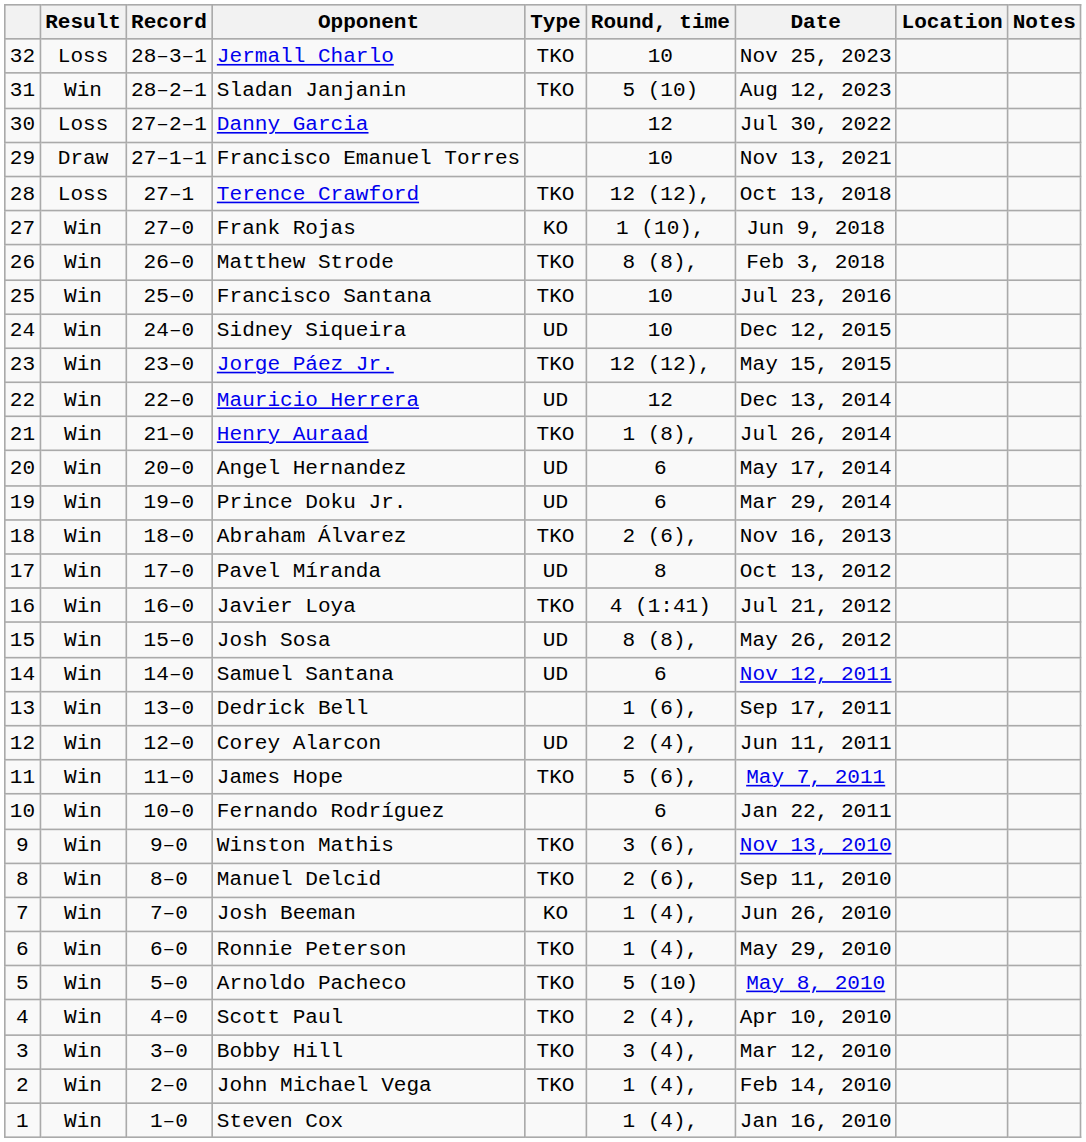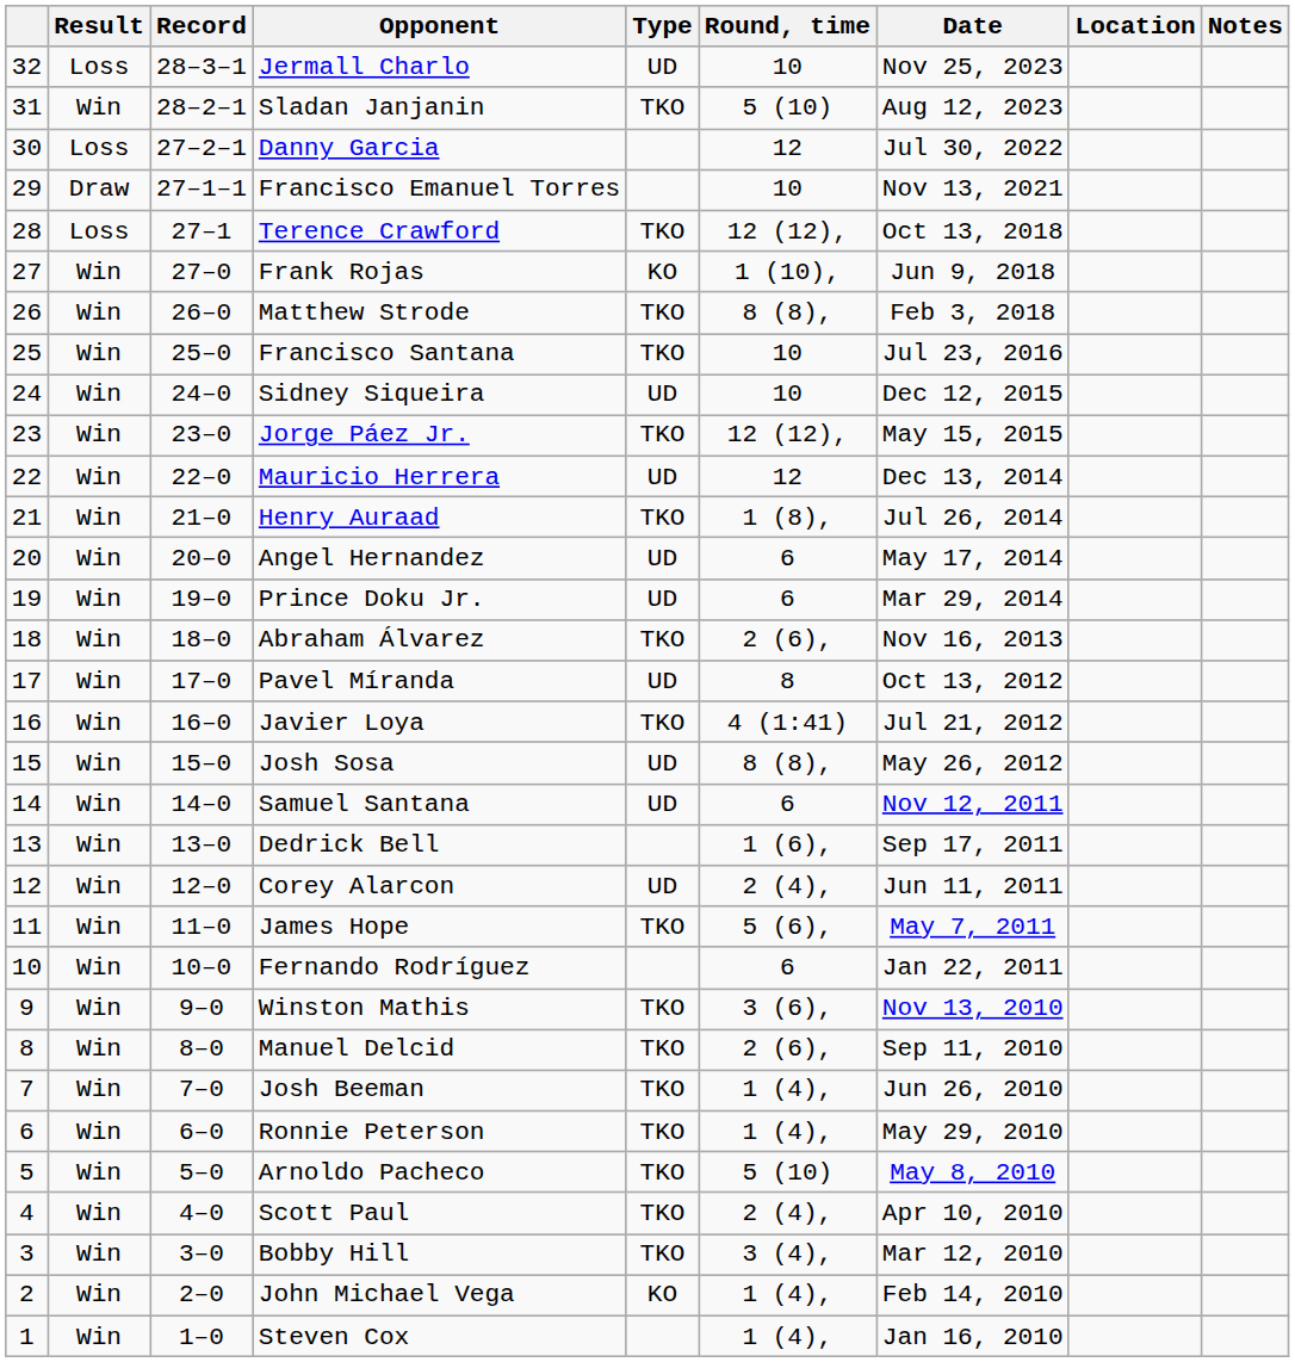 <table class="wikitable" style="text-align:center">
 <tr>
 <th></th>
 <th>Result</th>
 <th>Record</th>
 <th>Opponent</th>
 <th>Type</th>
 <th>Round, time</th>
 <th>Date</th>
 <th>Location</th>
 <th>Notes</th>
 </tr>
 <tr>
 <td>32</td>
 <td>Loss</td>
 <td>28–3–1</td>
 <td align=left><a href='#'>Jermall Charlo</a></td>
-<td>TKO</td>
+<td>UD</td>
 <td>10</td>
 <td>Nov 25, 2023</td>
 <td align=left></td>
 <td align=left></td>
 </tr>
 <tr>
 <td>31</td>
 <td>Win</td>
 <td>28–2–1</td>
 <td align=left>Sladan Janjanin</td>
 <td>TKO</td>
 <td>5 (10)</td>
 <td>Aug 12, 2023</td>
 <td align=left></td>
 <td align=left></td>
 </tr>
 <tr>
 <td>30</td>
 <td>Loss</td>
 <td>27–2–1</td>
 <td align=left><a href='#'>Danny Garcia</a></td>
 <td></td>
 <td>12</td>
 <td>Jul 30, 2022</td>
 <td align=left></td>
 <td align=left></td>
 </tr>
 <tr>
 <td>29</td>
 <td>Draw</td>
 <td>27–1–1</td>
 <td align=left>Francisco Emanuel Torres</td>
 <td></td>
 <td>10</td>
 <td>Nov 13, 2021</td>
 <td align=left></td>
 <td align=left></td>
 </tr>
 <tr>
 <td>28</td>
 <td>Loss</td>
 <td>27–1</td>
 <td align=left><a href='#'>Terence Crawford</a></td>
 <td>TKO</td>
 <td>12 (12), </td>
 <td>Oct 13, 2018</td>
 <td align=left></td>
 <td align=left></td>
 </tr>
 <tr>
 <td>27</td>
 <td>Win</td>
 <td>27–0</td>
 <td align=left>Frank Rojas</td>
 <td>KO</td>
 <td>1 (10), </td>
 <td>Jun 9, 2018</td>
 <td align=left></td>
 <td align=left></td>
 </tr>
 <tr>
 <td>26</td>
 <td>Win</td>
 <td>26–0</td>
 <td align=left>Matthew Strode</td>
 <td>TKO</td>
 <td>8 (8), </td>
 <td>Feb 3, 2018</td>
 <td align=left></td>
 <td align=left></td>
 </tr>
 <tr>
 <td>25</td>
 <td>Win</td>
 <td>25–0</td>
 <td align=left>Francisco Santana</td>
 <td>TKO</td>
 <td>10</td>
 <td>Jul 23, 2016</td>
 <td align=left></td>
 <td align=left></td>
 </tr>
 <tr>
 <td>24</td>
 <td>Win</td>
 <td>24–0</td>
 <td align=left>Sidney Siqueira</td>
 <td>UD</td>
 <td>10</td>
 <td>Dec 12, 2015</td>
 <td align=left></td>
 <td align=left></td>
 </tr>
 <tr>
 <td>23</td>
 <td>Win</td>
 <td>23–0</td>
 <td align=left><a href='#'>Jorge Páez Jr.</a></td>
 <td>TKO</td>
 <td>12 (12), </td>
 <td>May 15, 2015</td>
 <td align=left></td>
 <td align=left></td>
 </tr>
 <tr>
 <td>22</td>
 <td>Win</td>
 <td>22–0</td>
 <td align=left><a href='#'>Mauricio Herrera</a></td>
 <td>UD</td>
 <td>12</td>
 <td>Dec 13, 2014</td>
 <td align=left></td>
 <td align=left></td>
 </tr>
 <tr>
 <td>21</td>
 <td>Win</td>
 <td>21–0</td>
 <td align=left><a href='#'>Henry Auraad</a></td>
 <td>TKO</td>
 <td>1 (8), </td>
 <td>Jul 26, 2014</td>
 <td align=left></td>
 <td align=left></td>
 </tr>
 <tr>
 <td>20</td>
 <td>Win</td>
 <td>20–0</td>
 <td align=left>Angel Hernandez</td>
 <td>UD</td>
 <td>6</td>
 <td>May 17, 2014</td>
 <td align=left></td>
 <td align=left></td>
 </tr>
 <tr>
 <td>19</td>
 <td>Win</td>
 <td>19–0</td>
 <td align=left>Prince Doku Jr.</td>
 <td>UD</td>
 <td>6</td>
 <td>Mar 29, 2014</td>
 <td align=left></td>
 <td align=left></td>
 </tr>
 <tr>
 <td>18</td>
 <td>Win</td>
 <td>18–0</td>
 <td align=left>Abraham Álvarez</td>
 <td>TKO</td>
 <td>2 (6), </td>
 <td>Nov 16, 2013</td>
 <td align=left></td>
 <td align=left></td>
 </tr>
 <tr>
 <td>17</td>
 <td>Win</td>
 <td>17–0</td>
 <td align=left>Pavel Míranda</td>
 <td>UD</td>
 <td>8</td>
 <td>Oct 13, 2012</td>
 <td align=left></td>
 <td align=left></td>
 </tr>
 <tr>
 <td>16</td>
 <td>Win</td>
 <td>16–0</td>
 <td align=left>Javier Loya</td>
 <td>TKO</td>
 <td>4 (1:41)</td>
 <td>Jul 21, 2012</td>
 <td align=left></td>
 <td align=left></td>
 </tr>
 <tr>
 <td>15</td>
 <td>Win</td>
 <td>15–0</td>
 <td align=left>Josh Sosa</td>
 <td>UD</td>
 <td>8 (8), </td>
 <td>May 26, 2012</td>
 <td align=left></td>
 <td align=left></td>
 </tr>
 <tr>
 <td>14</td>
 <td>Win</td>
 <td>14–0</td>
 <td align=left>Samuel Santana</td>
 <td>UD</td>
 <td>6</td>
 <td><a href='#'>Nov 12, 2011</a></td>
 <td align=left></td>
 <td align=left></td>
 </tr>
 <tr>
 <td>13</td>
 <td>Win</td>
 <td>13–0</td>
 <td align=left>Dedrick Bell</td>
 <td></td>
 <td>1 (6), </td>
 <td>Sep 17, 2011</td>
 <td align=left></td>
 <td align=left></td>
 </tr>
 <tr>
 <td>12</td>
 <td>Win</td>
 <td>12–0</td>
 <td align=left>Corey Alarcon</td>
 <td>UD</td>
 <td>2 (4), </td>
 <td>Jun 11, 2011</td>
 <td align=left></td>
 <td align=left></td>
 </tr>
 <tr>
 <td>11</td>
 <td>Win</td>
 <td>11–0</td>
 <td align=left>James Hope</td>
 <td>TKO</td>
 <td>5 (6), </td>
 <td><a href='#'>May 7, 2011</a></td>
 <td align=left></td>
 <td align=left></td>
 </tr>
 <tr>
 <td>10</td>
 <td>Win</td>
 <td>10–0</td>
 <td align=left>Fernando Rodríguez</td>
 <td></td>
 <td>6</td>
 <td>Jan 22, 2011</td>
 <td align=left></td>
 <td align=left></td>
 </tr>
 <tr>
 <td>9</td>
 <td>Win</td>
 <td>9–0</td>
 <td align=left>Winston Mathis</td>
 <td>TKO</td>
 <td>3 (6), </td>
 <td><a href='#'>Nov 13, 2010</a></td>
 <td align=left></td>
 <td align=left></td>
 </tr>
 <tr>
 <td>8</td>
 <td>Win</td>
 <td>8–0</td>
 <td align=left>Manuel Delcid</td>
 <td>TKO</td>
 <td>2 (6), </td>
 <td>Sep 11, 2010</td>
 <td align=left></td>
 <td align=left></td>
 </tr>
 <tr>
 <td>7</td>
 <td>Win</td>
 <td>7–0</td>
 <td align=left>Josh Beeman</td>
-<td>KO</td>
+<td>TKO</td>
 <td>1 (4), </td>
 <td>Jun 26, 2010</td>
 <td align=left></td>
 <td align=left></td>
 </tr>
 <tr>
 <td>6</td>
 <td>Win</td>
 <td>6–0</td>
 <td align=left>Ronnie Peterson</td>
 <td>TKO</td>
 <td>1 (4), </td>
 <td>May 29, 2010</td>
 <td align=left></td>
 <td align=left></td>
 </tr>
 <tr>
 <td>5</td>
 <td>Win</td>
 <td>5–0</td>
 <td align=left>Arnoldo Pacheco</td>
 <td>TKO</td>
 <td>5 (10)</td>
 <td><a href='#'>May 8, 2010</a></td>
 <td align=left></td>
 <td align=left></td>
 </tr>
 <tr>
 <td>4</td>
 <td>Win</td>
 <td>4–0</td>
 <td align=left>Scott Paul</td>
 <td>TKO</td>
 <td>2 (4), </td>
 <td>Apr 10, 2010</td>
 <td align=left></td>
 <td align=left></td>
 </tr>
 <tr>
 <td>3</td>
 <td>Win</td>
 <td>3–0</td>
 <td align=left>Bobby Hill</td>
 <td>TKO</td>
 <td>3 (4), </td>
 <td>Mar 12, 2010</td>
 <td align=left></td>
 <td align=left></td>
 </tr>
 <tr>
 <td>2</td>
 <td>Win</td>
 <td>2–0</td>
 <td align=left>John Michael Vega</td>
-<td>TKO</td>
+<td>KO</td>
 <td>1 (4), </td>
 <td>Feb 14, 2010</td>
 <td align=left></td>
 <td align=left></td>
 </tr>
 <tr>
 <td>1</td>
 <td>Win</td>
 <td>1–0</td>
 <td align=left>Steven Cox</td>
 <td></td>
 <td>1 (4), </td>
 <td>Jan 16, 2010</td>
 <td align=left></td>
 <td align=left></td>
 </tr>
 </table>
